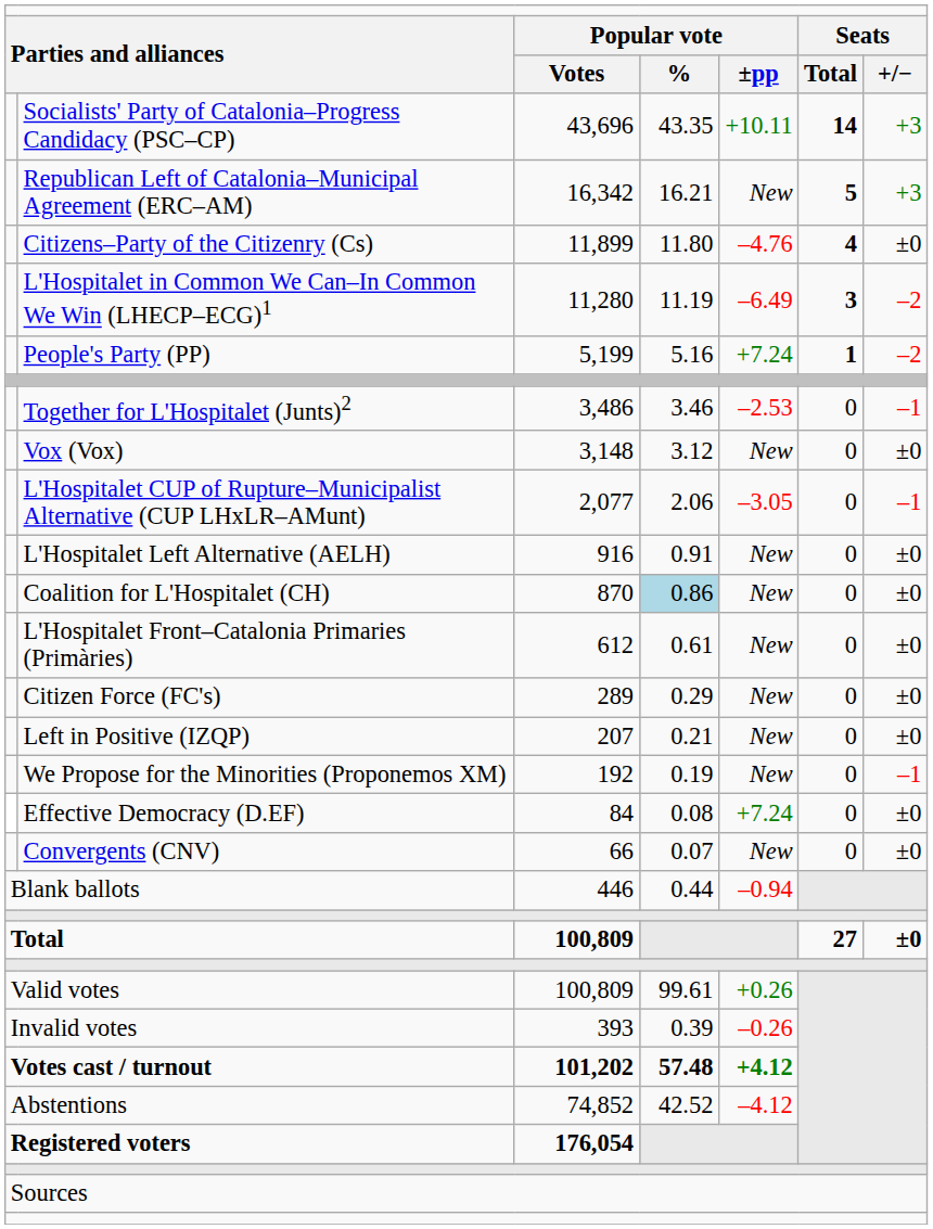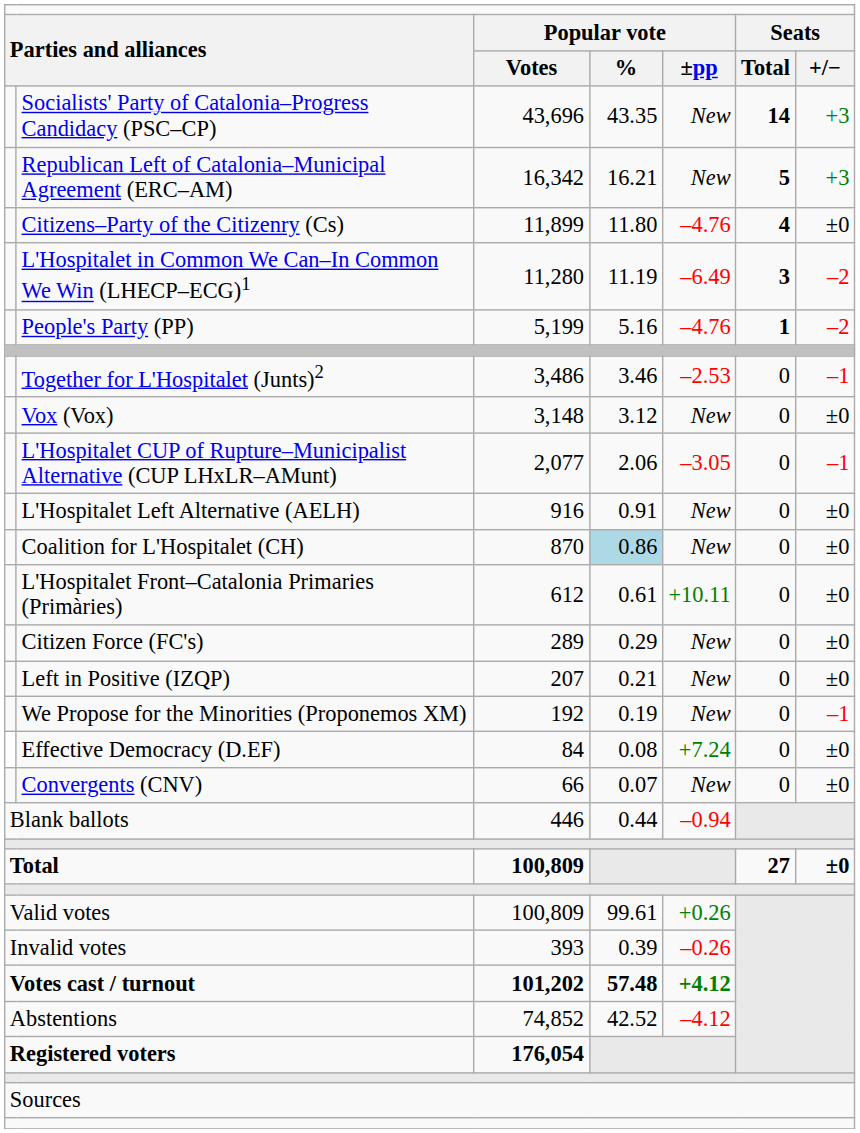 <table class="wikitable" style="text-align:right;">
 <tr>
 <td colspan="7"></td>
 </tr>
 <tr>
 <th style="text-align:left;" rowspan="2" colspan="2" width="525">Parties and alliances</th>
 <th colspan="3">Popular vote</th>
 <th colspan="2">Seats</th>
 </tr>
 <tr>
 <th width="75">Votes</th>
 <th width="45">%</th>
 <th width="45">±<a href='#'>pp</a></th>
 <th width="35">Total</th>
 <th width="35">+/−</th>
 </tr>
 <tr>
 <td width="1" style="color:inherit;background:"></td>
 <td align="left"><a href='#'>Socialists' Party of Catalonia–Progress Candidacy</a> (PSC–CP)</td>
 <td>43,696</td>
 <td>43.35</td>
-<td style="color:green;">+10.11</td>
+<td><em>New</em></td>
 <td><strong>14</strong></td>
 <td style="color:green;">+3</td>
 </tr>
 <tr>
 <td style="color:inherit;background:"></td>
 <td align="left"><a href='#'>Republican Left of Catalonia–Municipal Agreement</a> (ERC–AM)</td>
 <td>16,342</td>
 <td>16.21</td>
 <td><em>New</em></td>
 <td><strong>5</strong></td>
 <td style="color:green;">+3</td>
 </tr>
 <tr>
 <td style="color:inherit;background:"></td>
 <td align="left"><a href='#'>Citizens–Party of the Citizenry</a> (Cs)</td>
 <td>11,899</td>
 <td>11.80</td>
 <td style="color:red;">–4.76</td>
 <td><strong>4</strong></td>
 <td>±0</td>
 </tr>
 <tr>
 <td style="color:inherit;background:"></td>
 <td align="left"><a href='#'>L'Hospitalet in Common We Can–In Common We Win</a> (LHECP–ECG)<sup>1</sup></td>
 <td>11,280</td>
 <td>11.19</td>
 <td style="color:red;">–6.49</td>
 <td><strong>3</strong></td>
 <td style="color:red;">–2</td>
 </tr>
 <tr>
 <td style="color:inherit;background:"></td>
 <td align="left"><a href='#'>People's Party</a> (PP)</td>
 <td>5,199</td>
 <td>5.16</td>
-<td style="color:green;">+7.24</td>
+<td style="color:red;">–4.76</td>
 <td><strong>1</strong></td>
 <td style="color:red;">–2</td>
 </tr>
 <tr>
 <td colspan="7" bgcolor="#C0C0C0"></td>
 </tr>
 <tr>
 <td style="color:inherit;background:"></td>
 <td align="left"><a href='#'>Together for L'Hospitalet</a> (Junts)<sup>2</sup></td>
 <td>3,486</td>
 <td>3.46</td>
 <td style="color:red;">–2.53</td>
 <td>0</td>
 <td style="color:red;">–1</td>
 </tr>
 <tr>
 <td style="color:inherit;background:"></td>
 <td align="left"><a href='#'>Vox</a> (Vox)</td>
 <td>3,148</td>
 <td>3.12</td>
 <td><em>New</em></td>
 <td>0</td>
 <td>±0</td>
 </tr>
 <tr>
 <td style="color:inherit;background:"></td>
 <td align="left"><a href='#'>L'Hospitalet CUP of Rupture–Municipalist Alternative</a> (CUP LHxLR–AMunt)</td>
 <td>2,077</td>
 <td>2.06</td>
 <td style="color:red;">–3.05</td>
 <td>0</td>
 <td style="color:red;">–1</td>
 </tr>
 <tr>
 <td style="color:inherit;background:"></td>
 <td align="left">L'Hospitalet Left Alternative (AELH)</td>
 <td>916</td>
 <td>0.91</td>
 <td><em>New</em></td>
 <td>0</td>
 <td>±0</td>
 </tr>
 <tr>
 <td style="color:inherit;background:"></td>
 <td align="left">Coalition for L'Hospitalet (CH)</td>
 <td>870</td>
 <td style="background: lightblue;">0.86</td>
 <td><em>New</em></td>
 <td>0</td>
 <td>±0</td>
 </tr>
 <tr>
 <td style="color:inherit;background:"></td>
 <td align="left">L'Hospitalet Front–Catalonia Primaries (Primàries)</td>
 <td>612</td>
 <td>0.61</td>
-<td><em>New</em></td>
+<td style="color:green;">+10.11</td>
 <td>0</td>
 <td>±0</td>
 </tr>
 <tr>
 <td style="color:inherit;background:"></td>
 <td align="left">Citizen Force (FC's)</td>
 <td>289</td>
 <td>0.29</td>
 <td><em>New</em></td>
 <td>0</td>
 <td>±0</td>
 </tr>
 <tr>
 <td style="color:inherit;background:"></td>
 <td align="left">Left in Positive (IZQP)</td>
 <td>207</td>
 <td>0.21</td>
 <td><em>New</em></td>
 <td>0</td>
 <td>±0</td>
 </tr>
 <tr>
 <td style="color:inherit;background:"></td>
 <td align="left">We Propose for the Minorities (Proponemos XM)</td>
 <td>192</td>
 <td>0.19</td>
 <td><em>New</em></td>
 <td>0</td>
 <td style="color:red;">–1</td>
 </tr>
 <tr>
 <td bgcolor="white"></td>
 <td align="left">Effective Democracy (D.EF)</td>
 <td>84</td>
 <td>0.08</td>
 <td style="color:green;">+7.24</td>
 <td>0</td>
 <td>±0</td>
 </tr>
 <tr>
 <td style="color:inherit;background:"></td>
 <td align="left"><a href='#'>Convergents</a> (CNV)</td>
 <td>66</td>
 <td>0.07</td>
 <td><em>New</em></td>
 <td>0</td>
 <td>±0</td>
 </tr>
 <tr>
 <td align="left" colspan="2">Blank ballots</td>
 <td>446</td>
 <td>0.44</td>
 <td style="color:red;">–0.94</td>
 <td bgcolor="#E9E9E9" colspan="2"></td>
 </tr>
 <tr>
 <td colspan="7" bgcolor="#E9E9E9"></td>
 </tr>
 <tr style="font-weight:bold;">
 <td align="left" colspan="2">Total</td>
 <td>100,809</td>
 <td bgcolor="#E9E9E9" colspan="2"></td>
 <td>27</td>
 <td>±0</td>
 </tr>
 <tr>
 <td colspan="7" bgcolor="#E9E9E9"></td>
 </tr>
 <tr>
 <td align="left" colspan="2">Valid votes</td>
 <td>100,809</td>
 <td>99.61</td>
 <td style="color:green;">+0.26</td>
 <td bgcolor="#E9E9E9" colspan="2" rowspan="5"></td>
 </tr>
 <tr>
 <td align="left" colspan="2">Invalid votes</td>
 <td>393</td>
 <td>0.39</td>
 <td style="color:red;">–0.26</td>
 </tr>
 <tr style="font-weight:bold;">
 <td align="left" colspan="2">Votes cast / turnout</td>
 <td>101,202</td>
 <td>57.48</td>
 <td style="color:green;">+4.12</td>
 </tr>
 <tr>
 <td align="left" colspan="2">Abstentions</td>
 <td>74,852</td>
 <td>42.52</td>
 <td style="color:red;">–4.12</td>
 </tr>
 <tr style="font-weight:bold;">
 <td align="left" colspan="2">Registered voters</td>
 <td>176,054</td>
 <td bgcolor="#E9E9E9" colspan="2"></td>
 </tr>
 <tr>
 <td colspan="7" bgcolor="#E9E9E9"></td>
 </tr>
 <tr>
 <td align="left" colspan="7">Sources</td>
 </tr>
 <tr>
 <td colspan="7" style="text-align:left; max-width:790px;"></td>
 </tr>
 </table>
